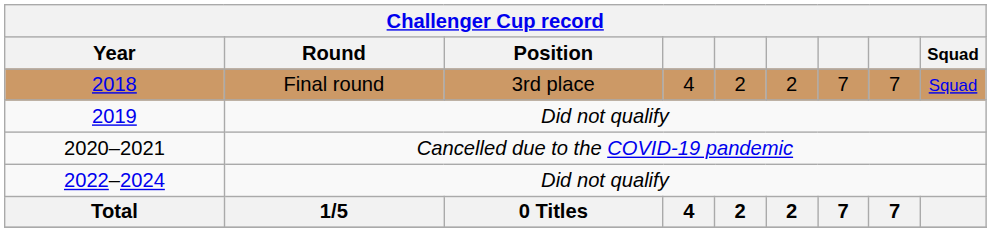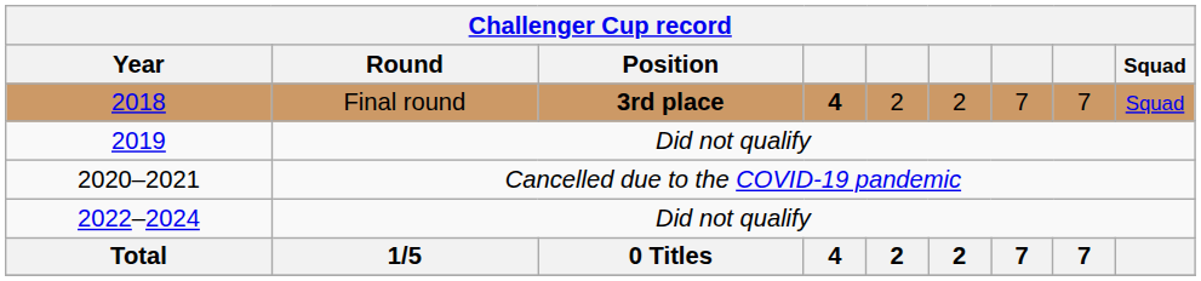 <table class="wikitable" style="text-align: center;font-size:90%;">
 <tr>
 <th colspan=9><a href='#'>Challenger Cup record</a></th>
 </tr>
 <tr>
 <th width=150>Year</th>
 <th width=150>Round</th>
 <th width=150>Position</th>
 <th width=30></th>
 <th width=30></th>
 <th width=30></th>
 <th width=30></th>
 <th width=30></th>
 <th width=40><small>Squad</small></th>
 </tr>
 <tr bgcolor=#cc9966>
 <td> <a href='#'>2018</a></td>
 <td>Final round</td>
-<td>3rd place</td>
-<td>4</td>
+<td><strong>3rd place</strong></td>
+<td><strong>4</strong></td>
 <td>2</td>
 <td>2</td>
 <td>7</td>
 <td>7</td>
 <td><small><a href='#'>Squad</a></small></td>
 </tr>
 <tr>
 <td> <a href='#'>2019</a></td>
 <td colspan=8 align=center><em>Did not qualify</em></td>
 </tr>
 <tr>
 <td>2020–2021</td>
 <td colspan=8 align=center><em>Cancelled due to the <a href='#'>COVID-19 pandemic</a></em></td>
 </tr>
 <tr>
 <td><a href='#'>2022</a>–<a href='#'>2024</a></td>
 <td colspan=8 align=center><em>Did not qualify</em></td>
 </tr>
 <tr>
 <th>Total</th>
 <th>1/5</th>
 <th>0 Titles</th>
 <th>4</th>
 <th>2</th>
 <th>2</th>
 <th>7</th>
 <th>7</th>
 <th></th>
 </tr>
 <tr>
 </tr>
 </table>
